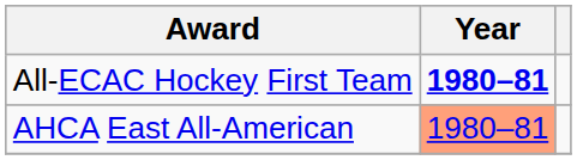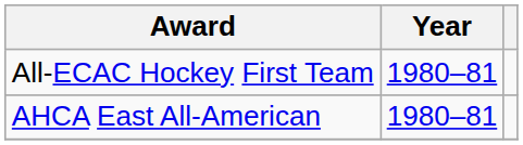 <table class="wikitable">
 <tr>
 <th>Award</th>
 <th>Year</th>
 <th></th>
 </tr>
 <tr>
 <td>All-<a href='#'>ECAC Hockey</a> <a href='#'>First Team</a></td>
-<td><strong><a href='#'>1980–81</a></strong></td>
+<td><a href='#'>1980–81</a></td>
 <td></td>
 </tr>
 <tr>
 <td><a href='#'>AHCA</a> <a href='#'>East All-American</a></td>
-<td style="background: lightsalmon;"><a href='#'>1980–81</a></td>
+<td><a href='#'>1980–81</a></td>
 <td></td>
 </tr>
 <tr>
 </tr>
 </table>
